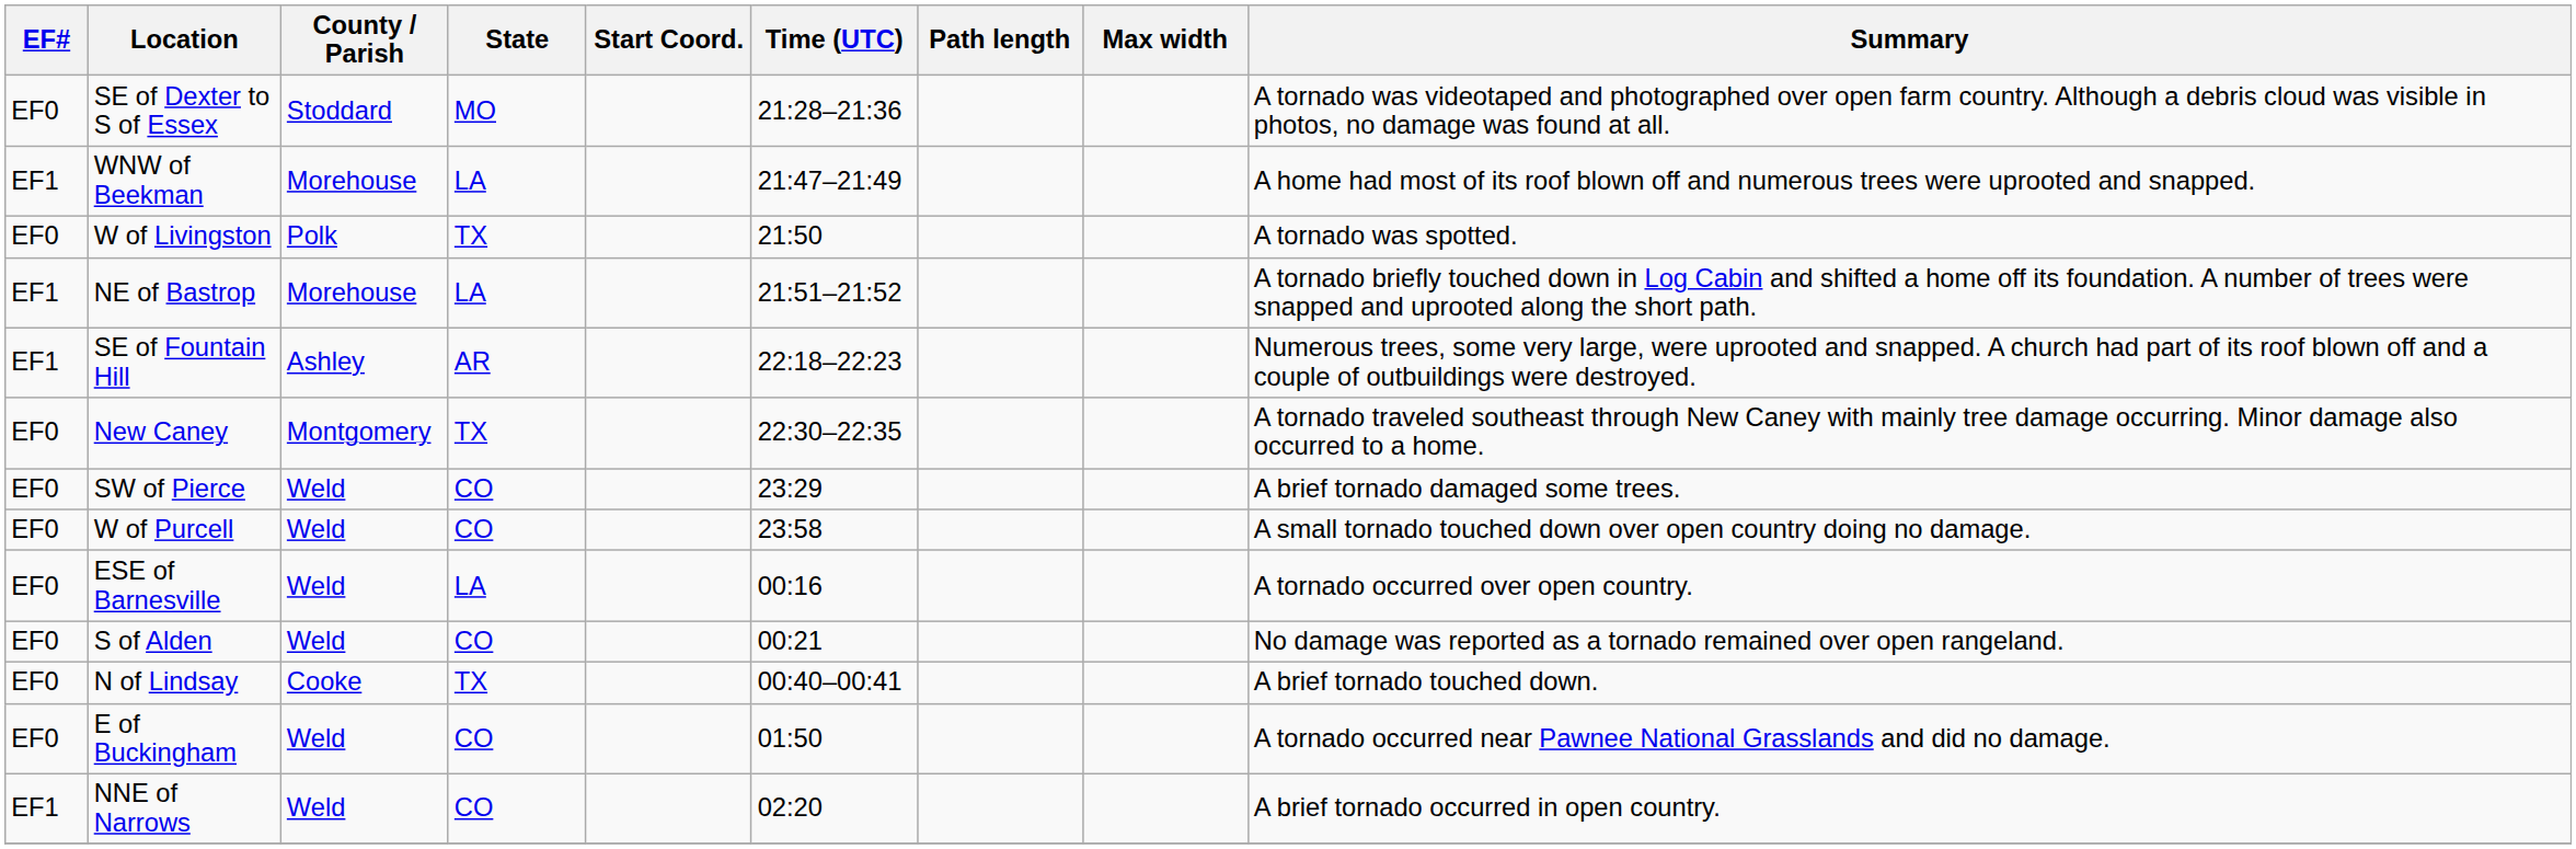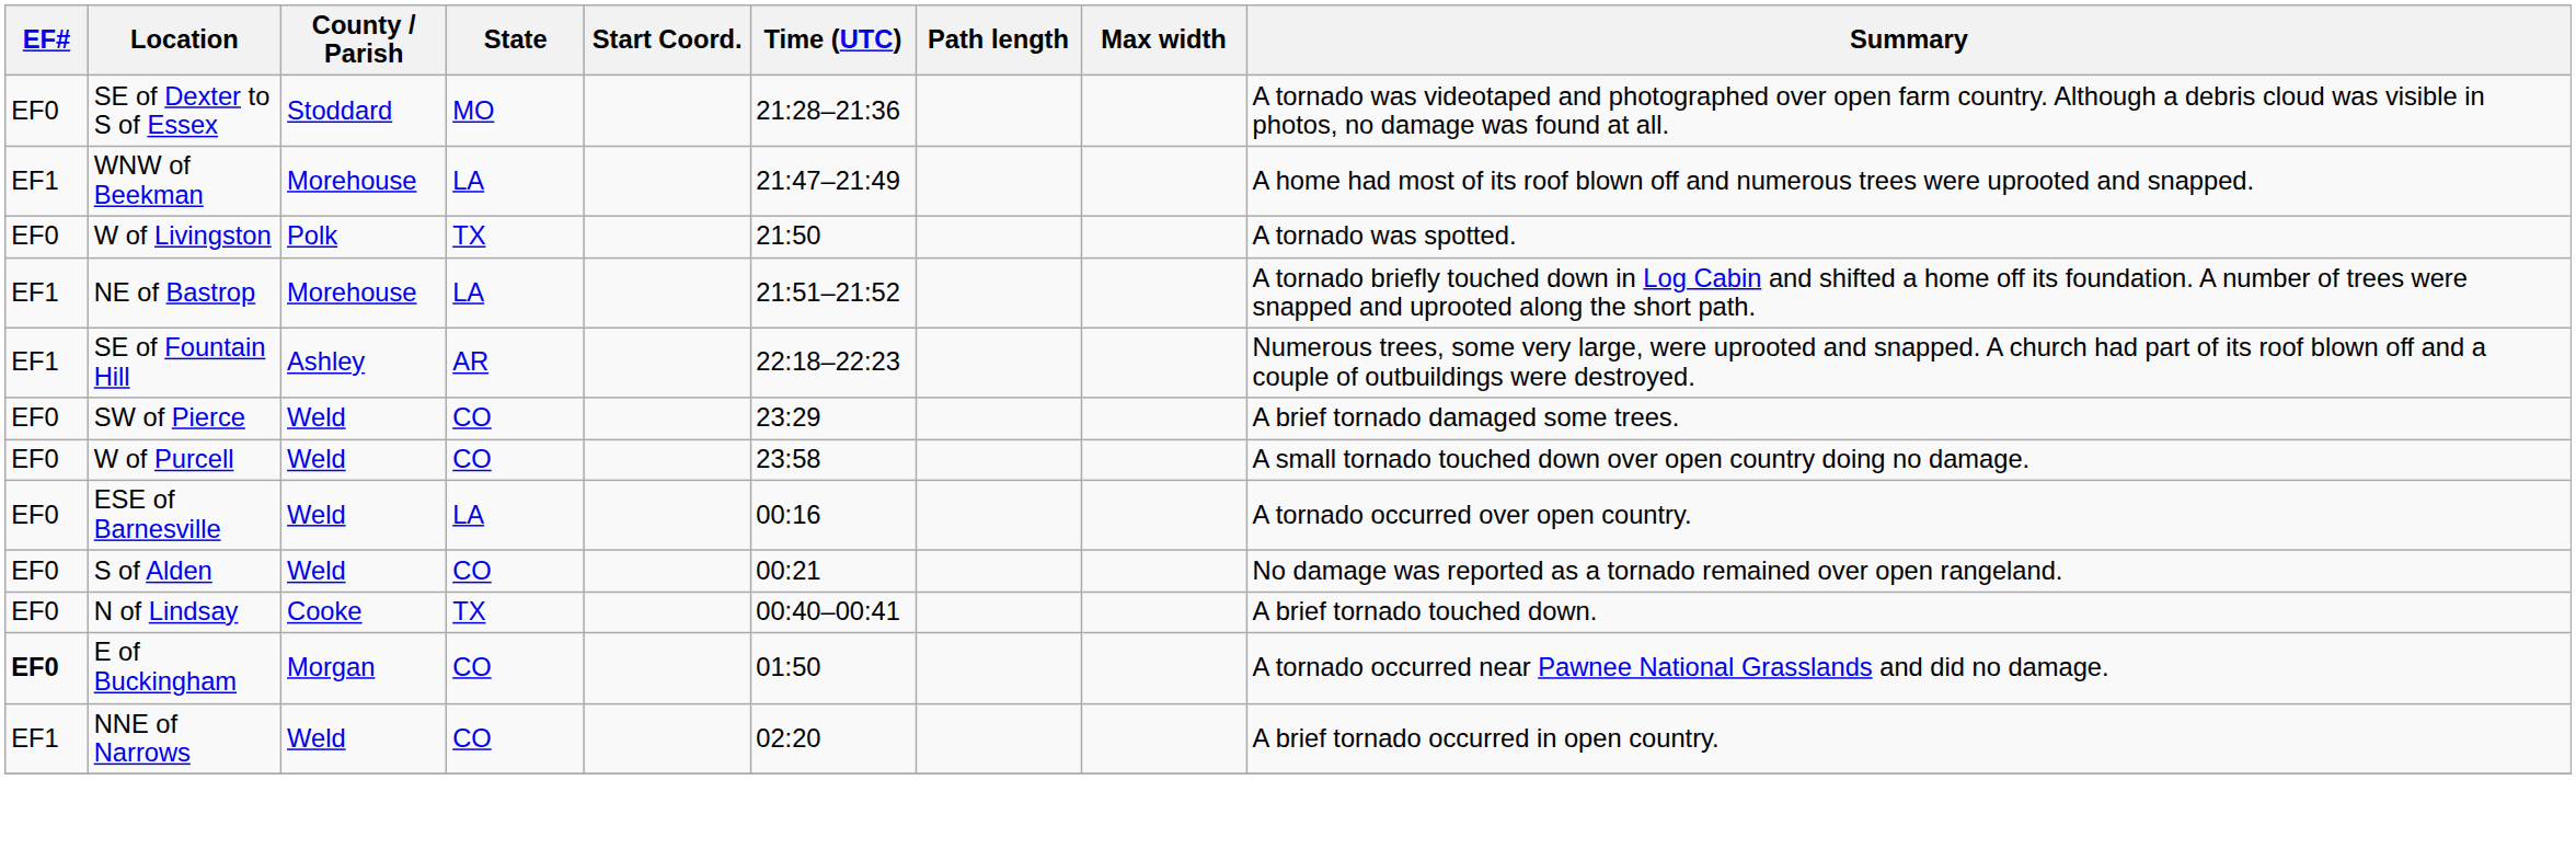 <table class="wikitable sortable" style="width:100%;">
 <tr>
 <th scope="col"  style="width:3%; text-align:center;"><a href='#'>EF#</a></th>
 <th scope="col"  style="width:7%; text-align:center;" class="unsortable">Location</th>
 <th scope="col"  style="width:6%; text-align:center;" class="unsortable">County / Parish</th>
 <th scope="col"  style="width:5%; text-align:center;">State</th>
 <th scope="col"  style="width:6%; text-align:center;">Start Coord.</th>
 <th scope="col"  style="width:6%; text-align:center;">Time (<a href='#'>UTC</a>)</th>
 <th scope="col"  style="width:6%; text-align:center;">Path length</th>
 <th scope="col"  style="width:6%; text-align:center;">Max width</th>
 <th scope="col" class="unsortable" style="width:48%; text-align:center;">Summary</th>
 </tr>
 <tr>
 <td>EF0</td>
 <td>SE of <a href='#'>Dexter</a> to S of <a href='#'>Essex</a></td>
 <td><a href='#'>Stoddard</a></td>
 <td><a href='#'>MO</a></td>
 <td></td>
 <td>21:28–21:36</td>
 <td></td>
 <td></td>
 <td>A tornado was videotaped and photographed over open farm country. Although a debris cloud was visible in photos, no damage was found at all.</td>
 </tr>
 <tr>
 <td>EF1</td>
 <td>WNW of <a href='#'>Beekman</a></td>
 <td><a href='#'>Morehouse</a></td>
 <td><a href='#'>LA</a></td>
 <td></td>
 <td>21:47–21:49</td>
 <td></td>
 <td></td>
 <td>A home had most of its roof blown off and numerous trees were uprooted and snapped.</td>
 </tr>
 <tr>
 <td>EF0</td>
 <td>W of <a href='#'>Livingston</a></td>
 <td><a href='#'>Polk</a></td>
 <td><a href='#'>TX</a></td>
 <td></td>
 <td>21:50</td>
 <td></td>
 <td></td>
 <td>A tornado was spotted.</td>
 </tr>
 <tr>
 <td>EF1</td>
 <td>NE of <a href='#'>Bastrop</a></td>
 <td><a href='#'>Morehouse</a></td>
 <td><a href='#'>LA</a></td>
 <td></td>
 <td>21:51–21:52</td>
 <td></td>
 <td></td>
 <td>A tornado briefly touched down in <a href='#'>Log Cabin</a> and shifted a home off its foundation. A number of trees were snapped and uprooted along the short path.</td>
 </tr>
 <tr>
 <td>EF1</td>
 <td>SE of <a href='#'>Fountain Hill</a></td>
 <td><a href='#'>Ashley</a></td>
 <td><a href='#'>AR</a></td>
 <td></td>
 <td>22:18–22:23</td>
 <td></td>
 <td></td>
 <td>Numerous trees, some very large, were uprooted and snapped. A church had part of its roof blown off and a couple of outbuildings were destroyed.</td>
 </tr>
 <tr>
 <td>EF0</td>
-<td><a href='#'>New Caney</a></td>
-<td><a href='#'>Montgomery</a></td>
-<td><a href='#'>TX</a></td>
-<td></td>
-<td>22:30–22:35</td>
-<td></td>
-<td></td>
-<td>A tornado traveled southeast through New Caney with mainly tree damage occurring. Minor damage also occurred to a home.</td>
-</tr>
-<tr>
-<td>EF0</td>
 <td>SW of <a href='#'>Pierce</a></td>
 <td><a href='#'>Weld</a></td>
 <td><a href='#'>CO</a></td>
 <td></td>
 <td>23:29</td>
 <td></td>
 <td></td>
 <td>A brief tornado damaged some trees.</td>
 </tr>
 <tr>
 <td>EF0</td>
 <td>W of <a href='#'>Purcell</a></td>
 <td><a href='#'>Weld</a></td>
 <td><a href='#'>CO</a></td>
 <td></td>
 <td>23:58</td>
 <td></td>
 <td></td>
 <td>A small tornado touched down over open country doing no damage.</td>
 </tr>
 <tr>
 <td>EF0</td>
 <td>ESE of <a href='#'>Barnesville</a></td>
 <td><a href='#'>Weld</a></td>
 <td><a href='#'>LA</a></td>
 <td></td>
 <td>00:16</td>
 <td></td>
 <td></td>
 <td>A tornado occurred over open country.</td>
 </tr>
 <tr>
 <td>EF0</td>
 <td>S of <a href='#'>Alden</a></td>
 <td><a href='#'>Weld</a></td>
 <td><a href='#'>CO</a></td>
 <td></td>
 <td>00:21</td>
 <td></td>
 <td></td>
 <td>No damage was reported as a tornado remained over open rangeland.</td>
 </tr>
 <tr>
 <td>EF0</td>
 <td>N of <a href='#'>Lindsay</a></td>
 <td><a href='#'>Cooke</a></td>
 <td><a href='#'>TX</a></td>
 <td></td>
 <td>00:40–00:41</td>
 <td></td>
 <td></td>
 <td>A brief tornado touched down.</td>
 </tr>
 <tr>
-<td>EF0</td>
+<td><strong>EF0</strong></td>
 <td>E of <a href='#'>Buckingham</a></td>
-<td><a href='#'>Weld</a></td>
+<td><a href='#'>Morgan</a></td>
 <td><a href='#'>CO</a></td>
 <td></td>
 <td>01:50</td>
 <td></td>
 <td></td>
 <td>A tornado occurred near <a href='#'>Pawnee National Grasslands</a> and did no damage.</td>
 </tr>
 <tr>
 <td>EF1</td>
 <td>NNE of <a href='#'>Narrows</a></td>
 <td><a href='#'>Weld</a></td>
 <td><a href='#'>CO</a></td>
 <td></td>
 <td>02:20</td>
 <td></td>
 <td></td>
 <td>A brief tornado occurred in open country.</td>
 </tr>
 <tr>
 </tr>
 </table>
